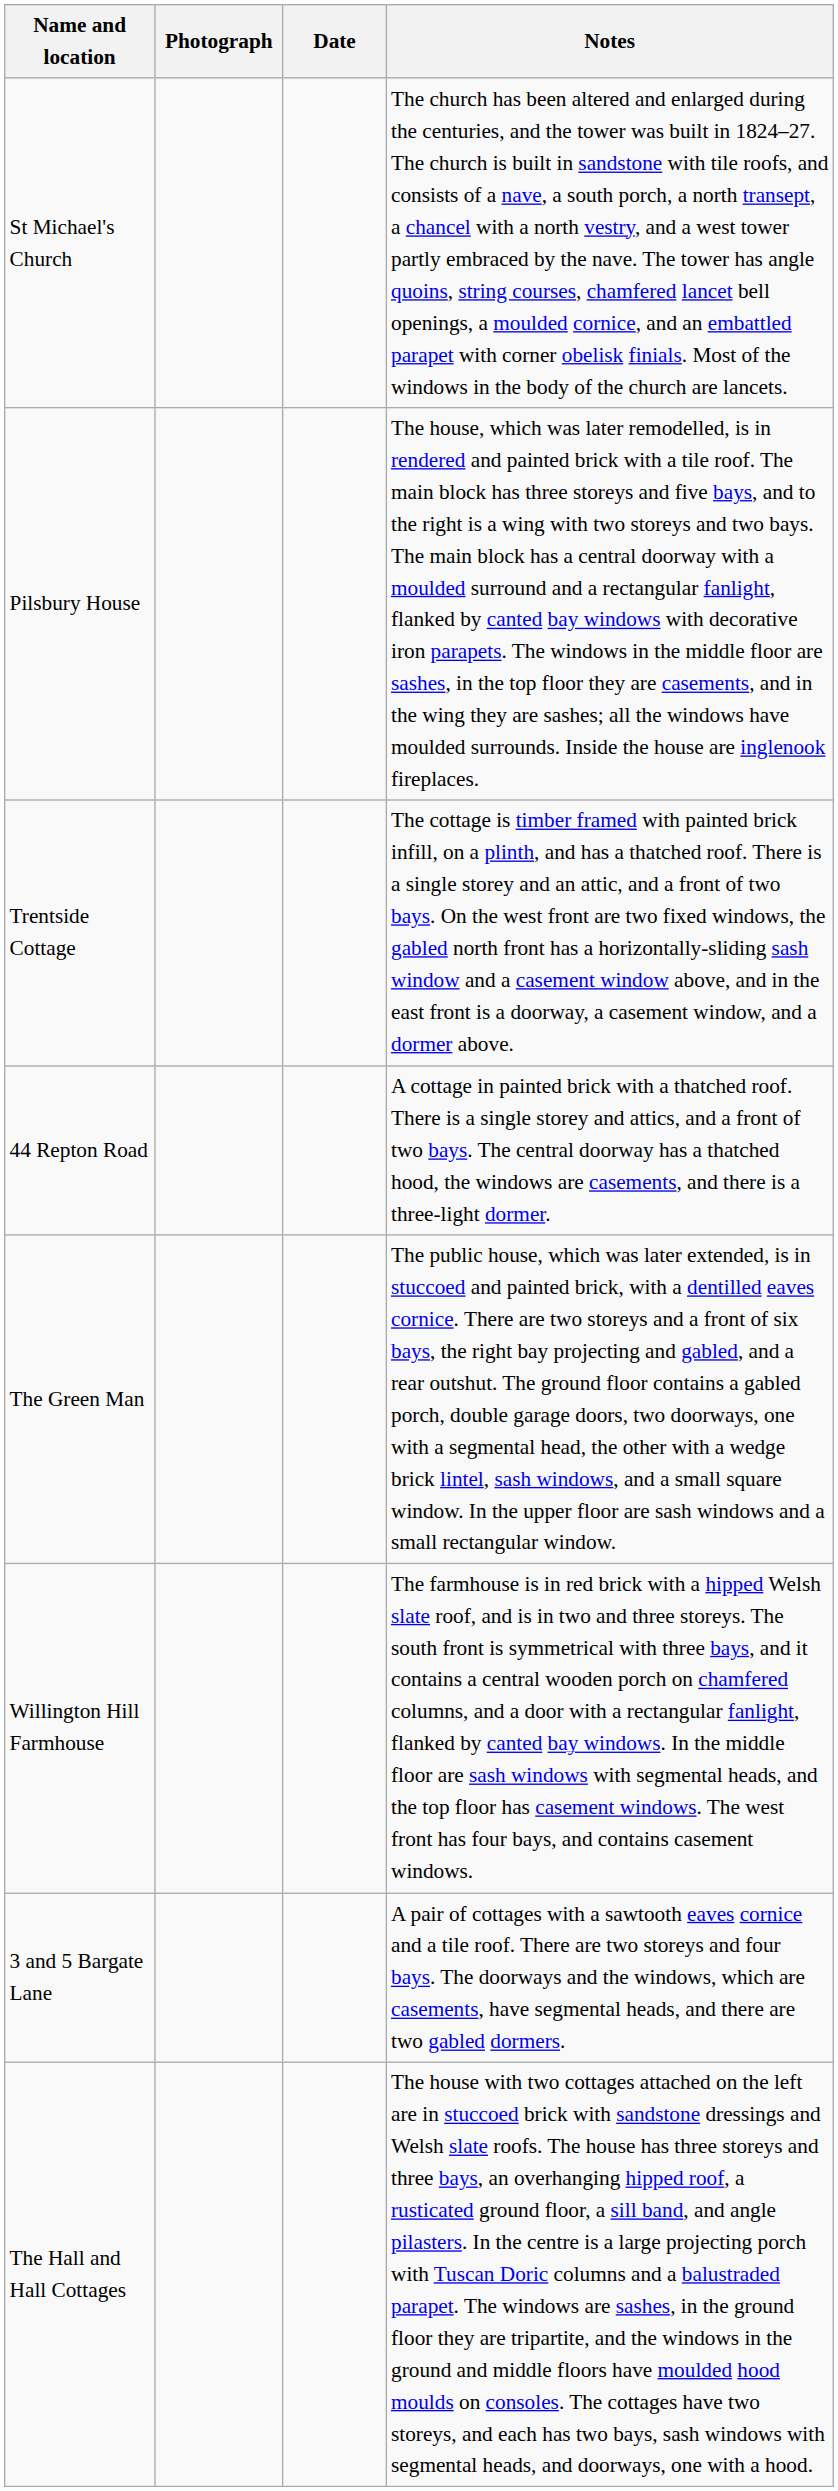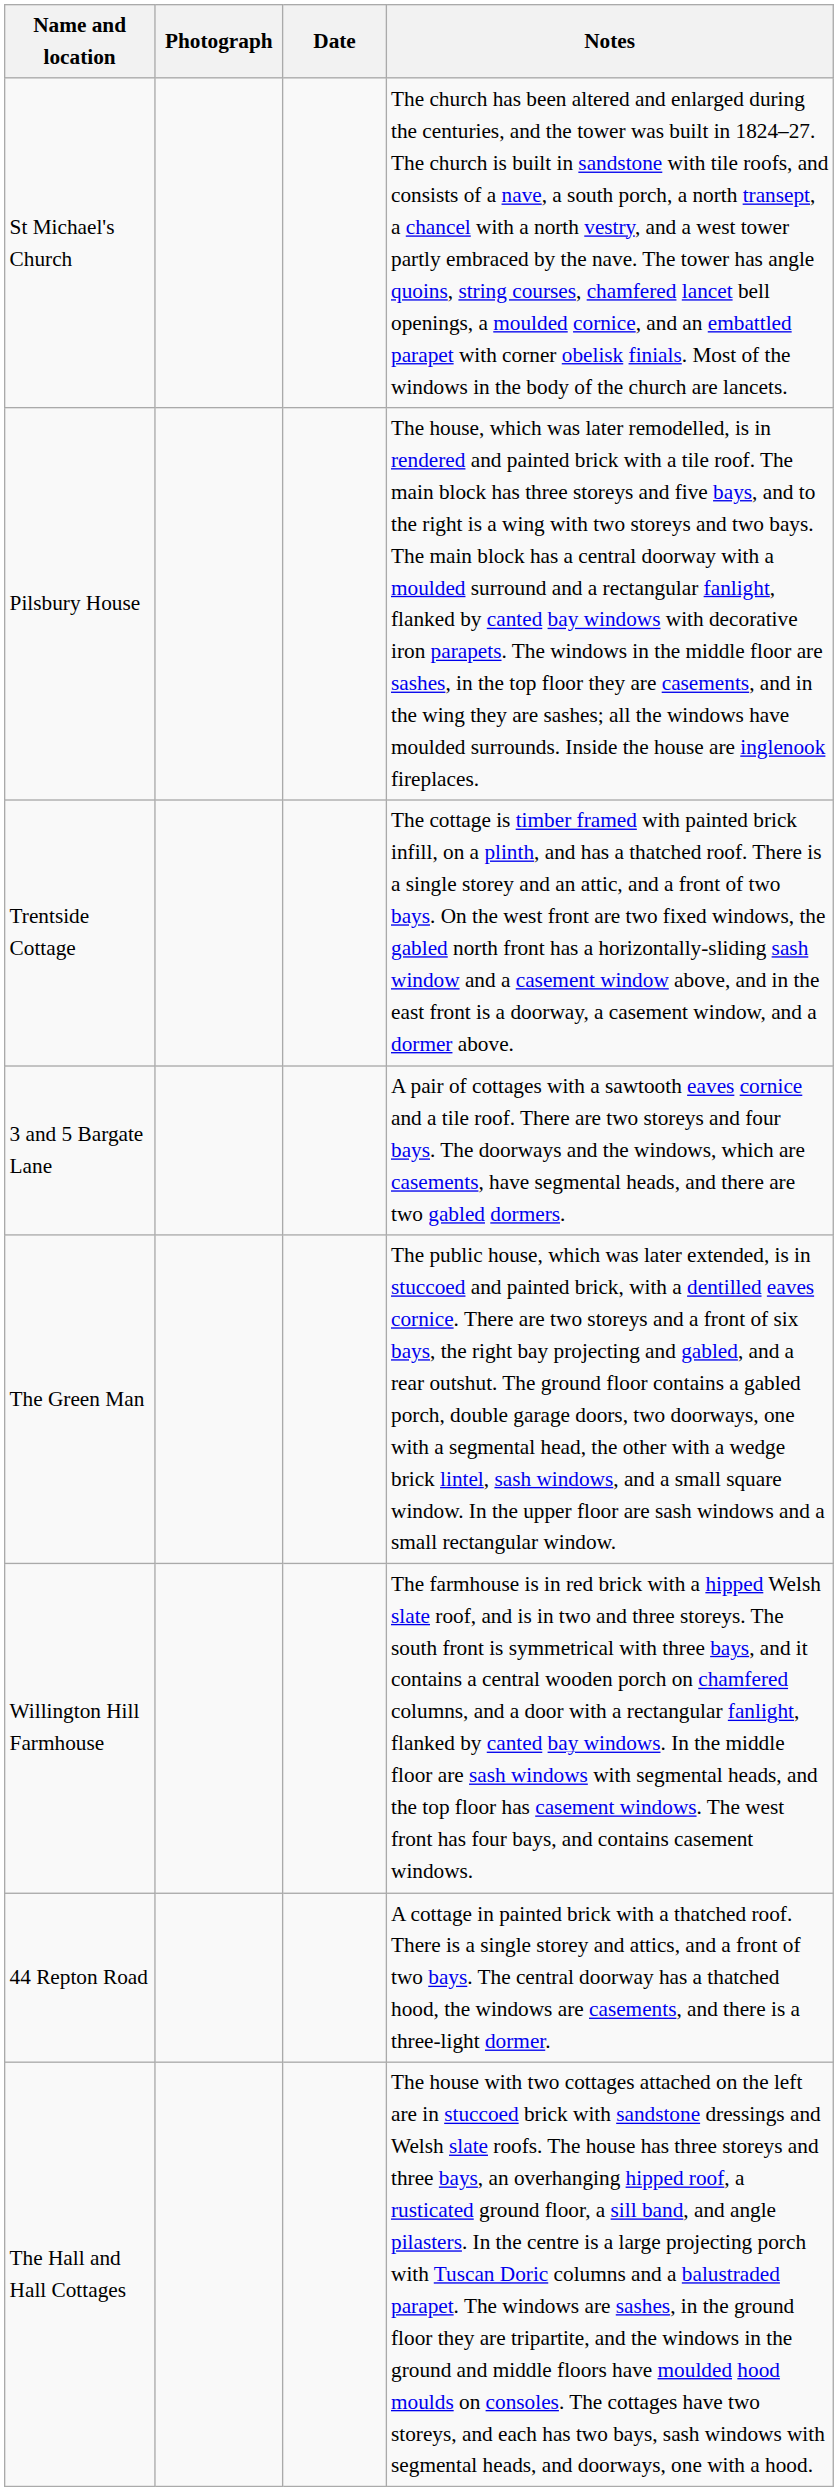 <table class="wikitable sortable plainrowheaders" style="width:100%;border:0px;text-align:left;line-height:150%;">
 <tr>
 <th scope="col"  style="width:150px">Name and location</th>
 <th scope="col"  style="width:100px" class="unsortable">Photograph</th>
 <th scope="col"  style="width:120px">Date</th>
 <th scope="col"  style="width:650px" class="unsortable">Notes</th>
 </tr>
 <tr>
 <td>St Michael's Church<br><small></small></td>
 <td></td>
 <td align="center"></td>
 <td>The church has been altered and enlarged during the centuries, and the tower was built in 1824–27.  The church is built in <a href='#'>sandstone</a> with tile roofs, and consists of a <a href='#'>nave</a>, a south porch, a north <a href='#'>transept</a>, a <a href='#'>chancel</a> with a north <a href='#'>vestry</a>, and a west tower partly embraced by the nave.  The tower has angle <a href='#'>quoins</a>, <a href='#'>string courses</a>, <a href='#'>chamfered</a> <a href='#'>lancet</a> bell openings, a <a href='#'>moulded</a> <a href='#'>cornice</a>, and an <a href='#'>embattled</a> <a href='#'>parapet</a> with corner <a href='#'>obelisk</a> <a href='#'>finials</a>.  Most of the windows in the body of the church are lancets.</td>
 </tr>
 <tr>
 <td>Pilsbury House<br><small></small></td>
 <td></td>
 <td align="center"></td>
 <td>The house, which was later remodelled, is in <a href='#'>rendered</a> and painted brick with a tile roof.  The main block has three storeys and five <a href='#'>bays</a>, and to the right is a wing with two storeys and two bays.  The main block has a central doorway with a <a href='#'>moulded</a> surround and a rectangular <a href='#'>fanlight</a>, flanked by <a href='#'>canted</a> <a href='#'>bay windows</a> with decorative iron <a href='#'>parapets</a>.  The windows in the middle floor are <a href='#'>sashes</a>, in the top floor they are <a href='#'>casements</a>, and in the wing they are sashes; all the windows have moulded surrounds.  Inside the house are <a href='#'>inglenook</a> fireplaces.</td>
 </tr>
 <tr>
 <td>Trentside Cottage<br><small></small></td>
 <td></td>
 <td align="center"></td>
 <td>The cottage is <a href='#'>timber framed</a> with painted brick infill, on a <a href='#'>plinth</a>, and has a thatched roof.  There is a single storey and an attic, and a front of two <a href='#'>bays</a>.  On the west front are two fixed windows, the <a href='#'>gabled</a> north front has a horizontally-sliding <a href='#'>sash window</a> and a <a href='#'>casement window</a> above, and in the east front is a doorway, a casement window, and a <a href='#'>dormer</a> above.</td>
 </tr>
 <tr>
-<td>44 Repton Road<br><small></small></td>
+<td>3 and 5 Bargate Lane<br><small></small></td>
 <td></td>
 <td align="center"></td>
-<td>A cottage in painted brick with a thatched roof.  There is a single storey and attics, and a front of two <a href='#'>bays</a>.  The central doorway has a thatched hood, the windows are <a href='#'>casements</a>, and there is a three-light <a href='#'>dormer</a>.</td>
+<td>A pair of cottages with a sawtooth <a href='#'>eaves</a> <a href='#'>cornice</a> and a tile roof.  There are two storeys and four <a href='#'>bays</a>.  The doorways and the windows, which are <a href='#'>casements</a>, have segmental heads, and there are two <a href='#'>gabled</a> <a href='#'>dormers</a>.</td>
 </tr>
 <tr>
 <td>The Green Man<br><small></small></td>
 <td></td>
 <td align="center"></td>
 <td>The public house, which was later extended, is in <a href='#'>stuccoed</a> and painted brick, with a <a href='#'>dentilled</a> <a href='#'>eaves</a> <a href='#'>cornice</a>.  There are two storeys and a front of six <a href='#'>bays</a>, the right bay projecting and <a href='#'>gabled</a>, and a rear outshut.  The ground floor contains a gabled porch, double garage doors, two doorways, one with a segmental head, the other with a wedge brick <a href='#'>lintel</a>, <a href='#'>sash windows</a>, and a small square window.  In the upper floor are sash windows and a small rectangular window.</td>
 </tr>
 <tr>
 <td>Willington Hill Farmhouse<br><small></small></td>
 <td></td>
 <td align="center"></td>
 <td>The farmhouse is in red brick with a <a href='#'>hipped</a> Welsh <a href='#'>slate</a> roof, and is in two and three storeys.  The south front is symmetrical with three <a href='#'>bays</a>, and it contains a central wooden porch on <a href='#'>chamfered</a> columns, and a door with a rectangular <a href='#'>fanlight</a>, flanked by <a href='#'>canted</a> <a href='#'>bay windows</a>.  In the middle floor are <a href='#'>sash windows</a> with segmental heads, and the top floor has <a href='#'>casement windows</a>.  The west front has four bays, and contains casement windows.</td>
 </tr>
 <tr>
-<td>3 and 5 Bargate Lane<br><small></small></td>
+<td>44 Repton Road<br><small></small></td>
 <td></td>
 <td align="center"></td>
-<td>A pair of cottages with a sawtooth <a href='#'>eaves</a> <a href='#'>cornice</a> and a tile roof.  There are two storeys and four <a href='#'>bays</a>.  The doorways and the windows, which are <a href='#'>casements</a>, have segmental heads, and there are two <a href='#'>gabled</a> <a href='#'>dormers</a>.</td>
+<td>A cottage in painted brick with a thatched roof.  There is a single storey and attics, and a front of two <a href='#'>bays</a>.  The central doorway has a thatched hood, the windows are <a href='#'>casements</a>, and there is a three-light <a href='#'>dormer</a>.</td>
 </tr>
 <tr>
 <td>The Hall and Hall Cottages<br><small></small></td>
 <td></td>
 <td align="center"></td>
 <td>The house with two cottages attached on the left are in <a href='#'>stuccoed</a> brick with <a href='#'>sandstone</a> dressings and Welsh <a href='#'>slate</a> roofs.  The house has three storeys and three <a href='#'>bays</a>, an overhanging <a href='#'>hipped roof</a>, a <a href='#'>rusticated</a> ground floor, a <a href='#'>sill band</a>, and angle <a href='#'>pilasters</a>.  In the centre is a large projecting porch with <a href='#'>Tuscan Doric</a> columns and a <a href='#'>balustraded</a> <a href='#'>parapet</a>.  The windows are <a href='#'>sashes</a>, in the ground floor they are tripartite, and the windows in the ground and middle floors have <a href='#'>moulded</a> <a href='#'>hood moulds</a> on <a href='#'>consoles</a>.  The cottages have two storeys, and each has two bays, sash windows with segmental heads, and doorways, one with a hood.</td>
 </tr>
 <tr>
 </tr>
 </table>
